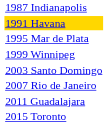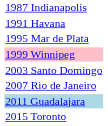 <table>
 <tr>
 <td><a href='#'>1987 Indianapolis</a></td>
 <td></td>
 <td></td>
 <td></td>
 </tr>
 <tr>
-<td style="background: gold;"><a href='#'>1991 Havana</a></td>
+<td><a href='#'>1991 Havana</a></td>
 <td></td>
 <td></td>
 <td></td>
 </tr>
 <tr>
 <td><a href='#'>1995 Mar de Plata</a></td>
 <td></td>
 <td></td>
 <td></td>
 </tr>
 <tr>
-<td><a href='#'>1999 Winnipeg</a></td>
+<td style="background: pink;"><a href='#'>1999 Winnipeg</a></td>
 <td></td>
 <td></td>
 <td></td>
 </tr>
 <tr>
 <td><a href='#'>2003 Santo Domingo</a></td>
 <td></td>
 <td></td>
 <td></td>
 </tr>
 <tr>
 <td><a href='#'>2007 Rio de Janeiro</a></td>
 <td></td>
 <td></td>
 <td></td>
 </tr>
 <tr>
-<td><a href='#'>2011 Guadalajara</a><br></td>
+<td style="background: lightblue;"><a href='#'>2011 Guadalajara</a><br></td>
 <td></td>
 <td></td>
 <td></td>
 </tr>
 <tr>
 <td><a href='#'>2015 Toronto</a><br></td>
 <td></td>
 <td></td>
 <td></td>
 </tr>
 </table>
